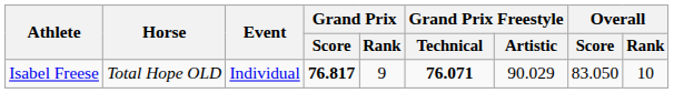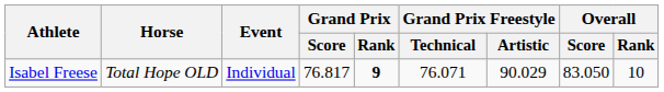 <table class=wikitable style="font-size:90%; text-align:center;">
 <tr>
 <th rowspan=2>Athlete</th>
 <th rowspan=2>Horse</th>
 <th rowspan=2>Event</th>
 <th colspan=2>Grand Prix</th>
 <th colspan=2>Grand Prix Freestyle</th>
 <th colspan=2>Overall</th>
 </tr>
 <tr style=font-size:95%>
 <th>Score</th>
 <th>Rank</th>
 <th>Technical</th>
 <th>Artistic</th>
 <th>Score</th>
 <th>Rank</th>
 </tr>
 <tr>
 <td align=left><a href='#'>Isabel Freese</a></td>
 <td align=left><em>Total Hope OLD</em></td>
 <td align=left><a href='#'>Individual</a></td>
-<td><strong>76.817</strong></td>
-<td>9</td>
-<td><strong>76.071</strong></td>
+<td>76.817</td>
+<td><strong>9</strong></td>
+<td>76.071</td>
 <td>90.029</td>
 <td>83.050</td>
 <td>10</td>
 </tr>
 </table>
